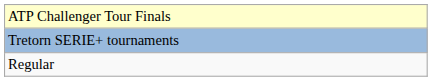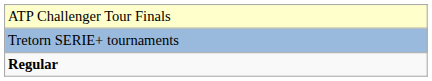 <table class=wikitable style=font-size:85%; width=25%>
 <tr bgcolor=ffffcc>
 <td>ATP Challenger Tour Finals</td>
 </tr>
 <tr bgcolor=99badd>
 <td>Tretorn SERIE+ tournaments</td>
 </tr>
 <tr>
-<td>Regular</td>
+<td><strong>Regular</strong></td>
 </tr>
 </table>
